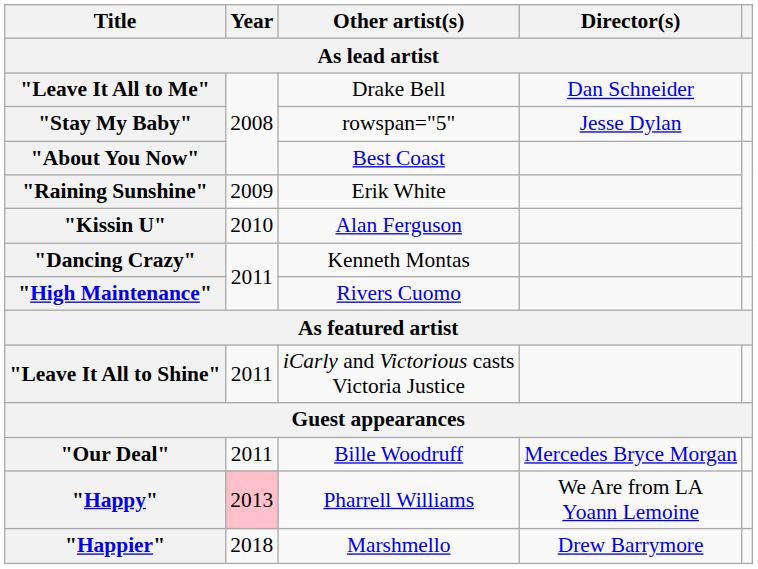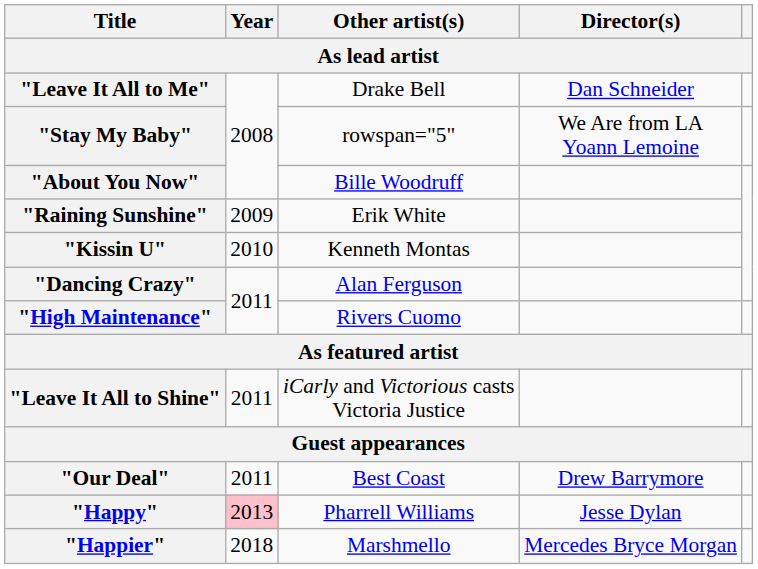 <table class="wikitable plainrowheaders" style="text-align:center;">
 <tr>
 <th scope="col">Title</th>
 <th scope="col">Year</th>
 <th scope="col">Other artist(s)</th>
 <th scope="col">Director(s)</th>
 <th scope="col"></th>
 </tr>
 <tr>
 <th scope="col" colspan="5">As lead artist</th>
 </tr>
 <tr>
 <th scope="row">"Leave It All to Me"</th>
 <td rowspan="3">2008</td>
 <td>Drake Bell</td>
 <td><a href='#'>Dan Schneider</a></td>
 <td></td>
 </tr>
 <tr>
 <th scope="row">"Stay My Baby"</th>
 <td>rowspan="5" </td>
-<td><a href='#'>Jesse Dylan</a></td>
+<td>We Are from LA<br><a href='#'>Yoann Lemoine</a></td>
 <td></td>
 </tr>
 <tr>
 <th scope="row">"About You Now"</th>
-<td><a href='#'>Best Coast</a></td>
+<td><a href='#'>Bille Woodruff</a></td>
 <td></td>
 </tr>
 <tr>
 <th scope="row">"Raining Sunshine"</th>
 <td>2009</td>
 <td>Erik White</td>
 <td></td>
 </tr>
 <tr>
 <th scope="row">"Kissin U"</th>
 <td>2010</td>
-<td><a href='#'>Alan Ferguson</a></td>
+<td>Kenneth Montas</td>
 <td></td>
 </tr>
 <tr>
 <th scope="row">"Dancing Crazy"</th>
 <td rowspan="2">2011</td>
-<td>Kenneth Montas</td>
+<td><a href='#'>Alan Ferguson</a></td>
 <td></td>
 </tr>
 <tr>
 <th scope="row">"<a href='#'>High Maintenance</a>"</th>
 <td><a href='#'>Rivers Cuomo</a></td>
 <td></td>
 <td></td>
 </tr>
 <tr>
 <th scope="col" colspan="5">As featured artist</th>
 </tr>
 <tr>
 <th scope="row">"Leave It All to Shine"</th>
 <td>2011</td>
 <td><em>iCarly</em> and <em>Victorious</em> casts<br>Victoria Justice</td>
 <td></td>
 <td></td>
 </tr>
 <tr>
 <th scope="col" colspan="5">Guest appearances</th>
 </tr>
 <tr>
 <th scope="row">"Our Deal"</th>
 <td>2011</td>
-<td><a href='#'>Bille Woodruff</a></td>
-<td><a href='#'>Mercedes Bryce Morgan</a></td>
+<td><a href='#'>Best Coast</a></td>
+<td><a href='#'>Drew Barrymore</a></td>
 <td></td>
 </tr>
 <tr>
 <th scope="row">"<a href='#'>Happy</a>"</th>
 <td style="background: pink;">2013</td>
 <td><a href='#'>Pharrell Williams</a></td>
-<td>We Are from LA<br><a href='#'>Yoann Lemoine</a></td>
+<td><a href='#'>Jesse Dylan</a></td>
 <td></td>
 </tr>
 <tr>
 <th scope="row">"<a href='#'>Happier</a>"</th>
 <td>2018</td>
 <td><a href='#'>Marshmello</a></td>
-<td><a href='#'>Drew Barrymore</a></td>
+<td><a href='#'>Mercedes Bryce Morgan</a></td>
 <td></td>
 </tr>
 </table>
